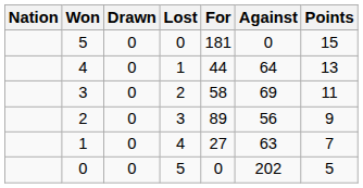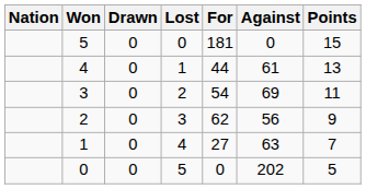 <table class="wikitable" style="text-align: center;">
 <tr>
 <th>Nation</th>
 <th>Won</th>
 <th>Drawn</th>
 <th>Lost</th>
 <th>For</th>
 <th>Against</th>
 <th>Points</th>
 </tr>
 <tr>
 <td align=left></td>
 <td>5</td>
 <td>0</td>
 <td>0</td>
 <td>181</td>
 <td>0</td>
 <td>15</td>
 </tr>
 <tr>
 <td align=left></td>
 <td>4</td>
 <td>0</td>
 <td>1</td>
 <td>44</td>
-<td>64</td>
+<td>61</td>
 <td>13</td>
 </tr>
 <tr>
 <td align=left></td>
 <td>3</td>
 <td>0</td>
 <td>2</td>
-<td>58</td>
+<td>54</td>
 <td>69</td>
 <td>11</td>
 </tr>
 <tr>
 <td align=left></td>
 <td>2</td>
 <td>0</td>
 <td>3</td>
-<td>89</td>
+<td>62</td>
 <td>56</td>
 <td>9</td>
 </tr>
 <tr>
 <td align=left></td>
 <td>1</td>
 <td>0</td>
 <td>4</td>
 <td>27</td>
 <td>63</td>
 <td>7</td>
 </tr>
 <tr>
 <td align=left></td>
 <td>0</td>
 <td>0</td>
 <td>5</td>
 <td>0</td>
 <td>202</td>
 <td>5</td>
 </tr>
 </table>
